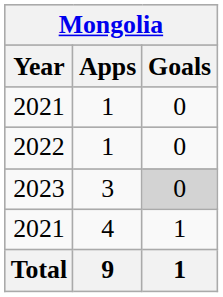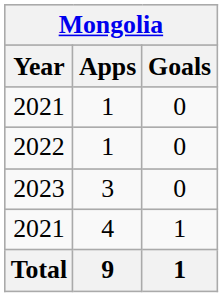 <table class="wikitable" style="text-align:center">
 <tr>
 <th colspan=3><a href='#'>Mongolia</a></th>
 </tr>
 <tr>
 <th>Year</th>
 <th>Apps</th>
 <th>Goals</th>
 </tr>
 <tr>
 <td>2021</td>
 <td>1</td>
 <td>0</td>
 </tr>
 <tr>
 <td>2022</td>
 <td>1</td>
 <td>0</td>
 </tr>
 <tr>
 <td>2023</td>
 <td>3</td>
-<td style="background: lightgrey;">0</td>
+<td>0</td>
 </tr>
 <tr>
 <td>2021</td>
 <td>4</td>
 <td>1</td>
 </tr>
 <tr>
 <th>Total</th>
 <th>9</th>
 <th>1</th>
 </tr>
 </table>
